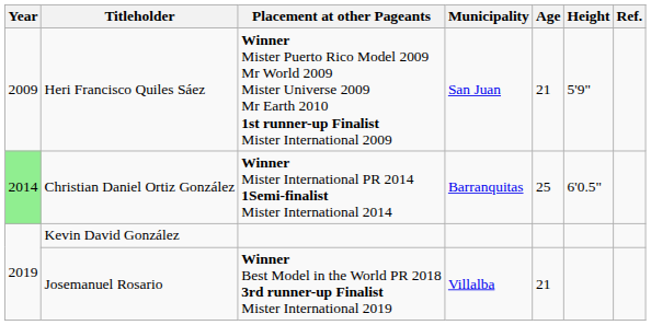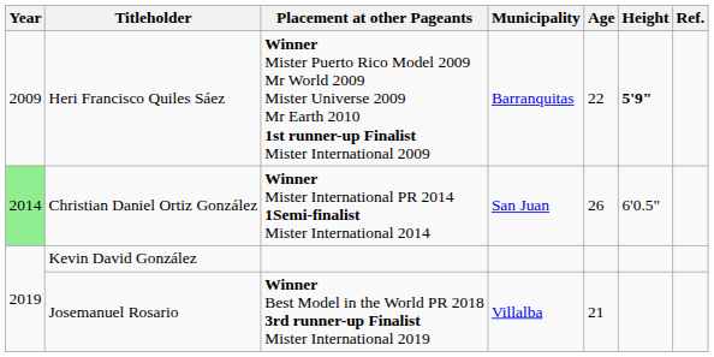 <table class="wikitable">
 <tr>
 <th>Year</th>
 <th>Titleholder</th>
 <th>Placement at other Pageants</th>
 <th>Municipality</th>
 <th>Age</th>
 <th>Height</th>
 <th>Ref.</th>
 </tr>
 <tr>
 <td>2009</td>
 <td>Heri Francisco Quiles Sáez</td>
 <td><div><strong>Winner</strong><br>Mister Puerto Rico Model 2009<br>Mr World 2009<br>Mister Universe 2009<br>Mr Earth 2010<br><strong>1st runner-up Finalist</strong><br>Mister International 2009 </div></td>
-<td><a href='#'>San Juan</a></td>
-<td>21</td>
-<td>5'9"</td>
+<td><a href='#'>Barranquitas</a></td>
+<td>22</td>
+<td><strong>5'9"</strong></td>
 <td></td>
 </tr>
 <tr>
 <td style="background: lightgreen;">2014</td>
 <td>Christian Daniel Ortiz González</td>
 <td><div><strong>Winner</strong><br>Mister International PR 2014<br><strong>1Semi-finalist</strong><br>Mister International 2014 </div></td>
-<td><a href='#'>Barranquitas</a></td>
-<td>25</td>
+<td><a href='#'>San Juan</a></td>
+<td>26</td>
 <td>6'0.5"</td>
 <td></td>
 </tr>
 <tr>
 <td rowspan="2">2019</td>
 <td>Kevin David González</td>
 <td></td>
 <td></td>
 <td></td>
 <td></td>
 <td></td>
 </tr>
 <tr>
 <td>Josemanuel Rosario</td>
 <td><div><strong>Winner</strong><br>Best Model in the World PR 2018<br><strong>3rd runner-up Finalist</strong><br>Mister International 2019 </div></td>
 <td><a href='#'>Villalba</a></td>
 <td>21</td>
 <td></td>
 <td></td>
 </tr>
 </table>
